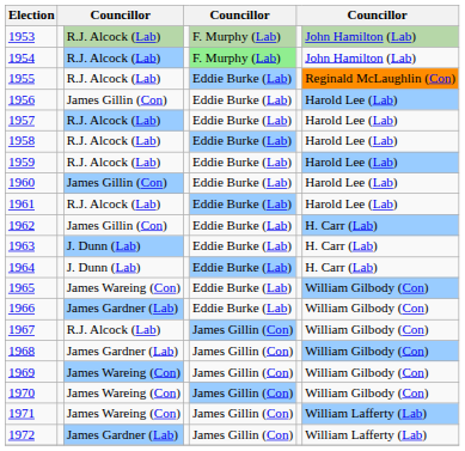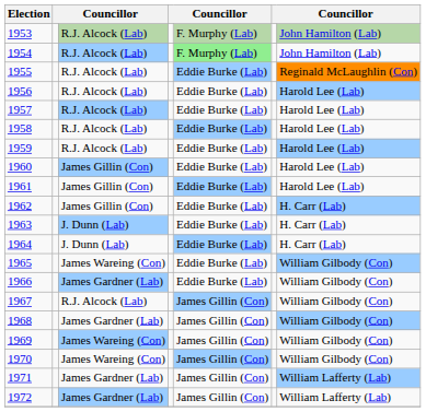 <table class="wikitable">
 <tr>
 <th>Election</th>
 <th colspan="2">Councillor</th>
 <th colspan="2">Councillor</th>
 <th colspan="2">Councillor</th>
 </tr>
 <tr>
 <td><a href='#'>1953</a></td>
 <td style="background-color: "></td>
 <td bgcolor="#B6D7A8">R.J. Alcock (<a href='#'>Lab</a>)</td>
 <td style="background-color: "></td>
 <td bgcolor="#B6D7A8">F. Murphy (<a href='#'>Lab</a>)</td>
 <td style="background-color: "></td>
 <td bgcolor="#B6D7A8"><a href='#'>John Hamilton</a> (<a href='#'>Lab</a>)</td>
 </tr>
 <tr>
 <td><a href='#'>1954</a></td>
 <td style="background-color: "></td>
 <td bgcolor="#99CCFF">R.J. Alcock (<a href='#'>Lab</a>)</td>
 <td style="background-color: "></td>
 <td style="background: lightgreen;">F. Murphy (<a href='#'>Lab</a>)</td>
 <td style="background-color: "></td>
 <td><a href='#'>John Hamilton</a> (<a href='#'>Lab</a>)</td>
 </tr>
 <tr>
 <td><a href='#'>1955</a></td>
 <td style="background-color: "></td>
 <td>R.J. Alcock (<a href='#'>Lab</a>)</td>
 <td style="background-color: "></td>
 <td bgcolor="#99CCFF">Eddie Burke (<a href='#'>Lab</a>)</td>
 <td style="background-color: "></td>
 <td bgcolor="#FF8C00">Reginald McLaughlin (<a href='#'>Con</a>)</td>
 </tr>
 <tr>
 <td><a href='#'>1956</a></td>
 <td style="background-color: "></td>
-<td>James Gillin (<a href='#'>Con</a>)</td>
+<td>R.J. Alcock (<a href='#'>Lab</a>)</td>
 <td style="background-color: "></td>
 <td>Eddie Burke (<a href='#'>Lab</a>)</td>
 <td style="background-color: "></td>
 <td bgcolor="#99CCFF">Harold Lee (<a href='#'>Lab</a>)</td>
 </tr>
 <tr>
 <td><a href='#'>1957</a></td>
 <td style="background-color: "></td>
 <td bgcolor="#99CCFF">R.J. Alcock (<a href='#'>Lab</a>)</td>
 <td style="background-color: "></td>
 <td>Eddie Burke (<a href='#'>Lab</a>)</td>
 <td style="background-color: "></td>
 <td>Harold Lee (<a href='#'>Lab</a>)</td>
 </tr>
 <tr>
 <td><a href='#'>1958</a></td>
 <td style="background-color: "></td>
 <td>R.J. Alcock (<a href='#'>Lab</a>)</td>
 <td style="background-color: "></td>
 <td bgcolor="#99CCFF">Eddie Burke (<a href='#'>Lab</a>)</td>
 <td style="background-color: "></td>
 <td>Harold Lee (<a href='#'>Lab</a>)</td>
 </tr>
 <tr>
 <td><a href='#'>1959</a></td>
 <td style="background-color: "></td>
 <td>R.J. Alcock (<a href='#'>Lab</a>)</td>
 <td style="background-color: "></td>
 <td>Eddie Burke (<a href='#'>Lab</a>)</td>
 <td style="background-color: "></td>
 <td bgcolor="#99CCFF">Harold Lee (<a href='#'>Lab</a>)</td>
 </tr>
 <tr>
 <td><a href='#'>1960</a></td>
 <td style="background-color: "></td>
 <td bgcolor="#99CCFF">James Gillin (<a href='#'>Con</a>)</td>
 <td style="background-color: "></td>
 <td>Eddie Burke (<a href='#'>Lab</a>)</td>
 <td style="background-color: "></td>
 <td>Harold Lee (<a href='#'>Lab</a>)</td>
 </tr>
 <tr>
 <td><a href='#'>1961</a></td>
 <td style="background-color: "></td>
-<td>R.J. Alcock (<a href='#'>Lab</a>)</td>
+<td>James Gillin (<a href='#'>Con</a>)</td>
 <td style="background-color: "></td>
 <td bgcolor="#99CCFF">Eddie Burke (<a href='#'>Lab</a>)</td>
 <td style="background-color: "></td>
 <td>Harold Lee (<a href='#'>Lab</a>)</td>
 </tr>
 <tr>
 <td><a href='#'>1962</a></td>
 <td style="background-color: "></td>
 <td>James Gillin (<a href='#'>Con</a>)</td>
 <td style="background-color: "></td>
 <td>Eddie Burke (<a href='#'>Lab</a>)</td>
 <td style="background-color: "></td>
 <td bgcolor="#99CCFF">H. Carr (<a href='#'>Lab</a>)</td>
 </tr>
 <tr>
 <td><a href='#'>1963</a></td>
 <td style="background-color: "></td>
 <td bgcolor="#99CCFF">J. Dunn (<a href='#'>Lab</a>)</td>
 <td style="background-color: "></td>
 <td>Eddie Burke (<a href='#'>Lab</a>)</td>
 <td style="background-color: "></td>
 <td>H. Carr (<a href='#'>Lab</a>)</td>
 </tr>
 <tr>
 <td><a href='#'>1964</a></td>
 <td style="background-color: "></td>
 <td>J. Dunn (<a href='#'>Lab</a>)</td>
 <td style="background-color: "></td>
 <td bgcolor="#99CCFF">Eddie Burke (<a href='#'>Lab</a>)</td>
 <td style="background-color: "></td>
 <td>H. Carr (<a href='#'>Lab</a>)</td>
 </tr>
 <tr>
 <td><a href='#'>1965</a></td>
 <td style="background-color: "></td>
 <td>James Wareing (<a href='#'>Con</a>)</td>
 <td style="background-color: "></td>
 <td>Eddie Burke (<a href='#'>Lab</a>)</td>
 <td style="background-color: "></td>
 <td bgcolor="#99CCFF">William Gilbody (<a href='#'>Con</a>)</td>
 </tr>
 <tr>
 <td><a href='#'>1966</a></td>
 <td style="background-color: "></td>
 <td bgcolor="#99CCFF">James Gardner (<a href='#'>Lab</a>)</td>
 <td style="background-color: "></td>
 <td>Eddie Burke (<a href='#'>Lab</a>)</td>
 <td style="background-color: "></td>
 <td>William Gilbody (<a href='#'>Con</a>)</td>
 </tr>
 <tr>
 <td><a href='#'>1967</a></td>
 <td style="background-color: "></td>
 <td>R.J. Alcock (<a href='#'>Lab</a>)</td>
 <td style="background-color: "></td>
 <td bgcolor="#99CCFF">James Gillin (<a href='#'>Con</a>)</td>
 <td style="background-color: "></td>
 <td>William Gilbody (<a href='#'>Con</a>)</td>
 </tr>
 <tr>
 <td><a href='#'>1968</a></td>
 <td style="background-color: "></td>
 <td>James Gardner (<a href='#'>Lab</a>)</td>
 <td style="background-color: "></td>
 <td>James Gillin (<a href='#'>Con</a>)</td>
 <td style="background-color: "></td>
 <td bgcolor="#99CCFF">William Gilbody (<a href='#'>Con</a>)</td>
 </tr>
 <tr>
 <td><a href='#'>1969</a></td>
 <td style="background-color: "></td>
 <td bgcolor="#99CCFF">James Wareing (<a href='#'>Con</a>)</td>
 <td style="background-color: "></td>
 <td>James Gillin (<a href='#'>Con</a>)</td>
 <td style="background-color: "></td>
 <td>William Gilbody (<a href='#'>Con</a>)</td>
 </tr>
 <tr>
 <td><a href='#'>1970</a></td>
 <td style="background-color: "></td>
 <td>James Wareing (<a href='#'>Con</a>)</td>
 <td style="background-color: "></td>
 <td bgcolor="#99CCFF">James Gillin (<a href='#'>Con</a>)</td>
 <td style="background-color: "></td>
 <td>William Gilbody (<a href='#'>Con</a>)</td>
 </tr>
 <tr>
 <td><a href='#'>1971</a></td>
 <td style="background-color: "></td>
-<td>James Wareing (<a href='#'>Con</a>)</td>
+<td>James Gardner (<a href='#'>Lab</a>)</td>
 <td style="background-color: "></td>
 <td>James Gillin (<a href='#'>Con</a>)</td>
 <td style="background-color: "></td>
 <td bgcolor="#99CCFF">William Lafferty (<a href='#'>Lab</a>)</td>
 </tr>
 <tr>
 <td><a href='#'>1972</a></td>
 <td style="background-color: "></td>
 <td bgcolor="#99CCFF">James Gardner (<a href='#'>Lab</a>)</td>
 <td style="background-color: "></td>
 <td>James Gillin (<a href='#'>Con</a>)</td>
 <td style="background-color: "></td>
 <td>William Lafferty (<a href='#'>Lab</a>)</td>
 </tr>
 <tr>
 </tr>
 </table>
